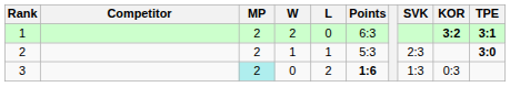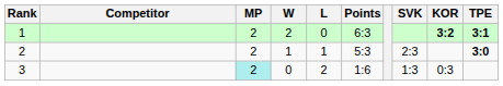 <table class="wikitable" style="text-align:center">
 <tr>
 <th>Rank</th>
 <th style="width:16em">Competitor</th>
 <th style="width:2.5em">MP</th>
 <th style="width:2.5em">W</th>
 <th style="width:2.5em">L</th>
 <th>Points</th>
 <th rowspan="4"> </th>
 <th style="width:2.5em">SVK</th>
 <th style="width:2.5em">KOR</th>
 <th style="width:2.5em">TPE</th>
 </tr>
 <tr style="background:#cfc;">
 <td>1</td>
 <td style="text-align:left"></td>
 <td>2</td>
 <td>2</td>
 <td>0</td>
 <td>6:3</td>
 <td></td>
 <td><strong>3:2</strong></td>
 <td><strong>3:1</strong></td>
 </tr>
 <tr>
 <td>2</td>
 <td style="text-align:left"></td>
 <td>2</td>
 <td>1</td>
 <td>1</td>
 <td>5:3</td>
 <td>2:3</td>
 <td></td>
 <td><strong>3:0</strong></td>
 </tr>
 <tr>
 <td>3</td>
 <td style="text-align:left"></td>
 <td style="background: paleturquoise;">2</td>
 <td>0</td>
 <td>2</td>
-<td><strong>1:6</strong></td>
+<td>1:6</td>
 <td>1:3</td>
 <td>0:3</td>
 <td></td>
 </tr>
 </table>
